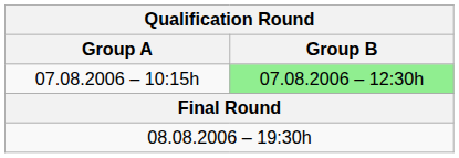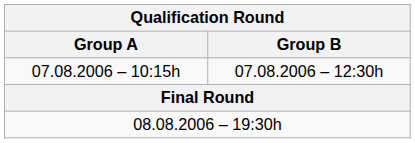 <table class="wikitable" style=" text-align:center; font-size:110%;" width="35%">
 <tr>
 <th colspan="2">Qualification Round</th>
 </tr>
 <tr>
 <th>Group A</th>
 <th>Group B</th>
 </tr>
 <tr>
 <td>07.08.2006 – 10:15h</td>
-<td style="background: lightgreen;">07.08.2006 – 12:30h</td>
+<td>07.08.2006 – 12:30h</td>
 </tr>
 <tr>
 <th colspan="2">Final Round</th>
 </tr>
 <tr>
 <td colspan="2">08.08.2006 – 19:30h</td>
 </tr>
 </table>
